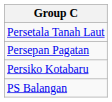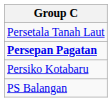 <table class="wikitable">
 <tr>
 <th><strong>Group C</strong></th>
 </tr>
 <tr>
 <td><a href='#'>Persetala Tanah Laut</a></td>
 </tr>
 <tr>
-<td><a href='#'>Persepan Pagatan</a></td>
+<td><strong><a href='#'>Persepan Pagatan</a></strong></td>
 </tr>
 <tr>
 <td><a href='#'>Persiko Kotabaru</a></td>
 </tr>
 <tr>
 <td><a href='#'>PS Balangan</a></td>
 </tr>
 </table>
